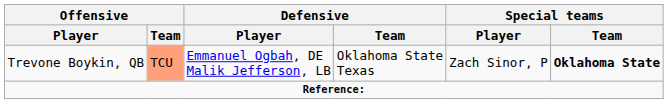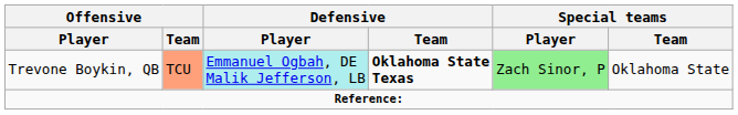 <table class="wikitable">
 <tr>
 <th colspan="2">Offensive</th>
 <th colspan="2">Defensive</th>
 <th colspan="2">Special teams</th>
 </tr>
 <tr>
 <th>Player</th>
 <th>Team</th>
 <th>Player</th>
 <th>Team</th>
 <th>Player</th>
 <th>Team</th>
 </tr>
 <tr>
 <td>Trevone Boykin, QB</td>
 <td style="background: lightsalmon;">TCU</td>
-<td><a href='#'>Emmanuel Ogbah</a>, DE <br> <a href='#'>Malik Jefferson</a>, LB</td>
-<td>Oklahoma State <br> Texas</td>
-<td>Zach Sinor, P</td>
-<td><strong>Oklahoma State</strong></td>
+<td style="background: paleturquoise;"><a href='#'>Emmanuel Ogbah</a>, DE <br> <a href='#'>Malik Jefferson</a>, LB</td>
+<td><strong>Oklahoma State <br> Texas</strong></td>
+<td style="background: lightgreen;">Zach Sinor, P</td>
+<td>Oklahoma State</td>
 </tr>
 <tr>
 <td colspan="12"  style="font-size:8pt; text-align:center;"><strong>Reference:</strong></td>
 </tr>
 </table>
